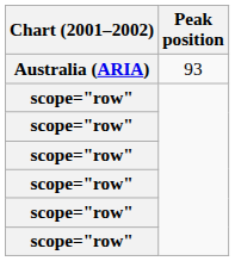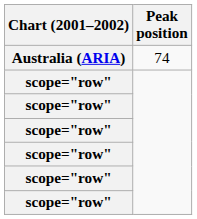 <table class="wikitable sortable plainrowheaders" style="text-align:center;">
 <tr>
 <th scope="col">Chart (2001–2002)</th>
 <th scope="col">Peak<br>position</th>
 </tr>
 <tr>
 <th scope="row">Australia (<a href='#'>ARIA</a>)</th>
-<td>93</td>
+<td>74</td>
 </tr>
 <tr>
 <th>scope="row"</th>
 </tr>
 <tr>
 <th>scope="row"</th>
 </tr>
 <tr>
 <th>scope="row"</th>
 </tr>
 <tr>
 <th>scope="row"</th>
 </tr>
 <tr>
 <th>scope="row"</th>
 </tr>
 <tr>
 <th>scope="row"</th>
 </tr>
 </table>
